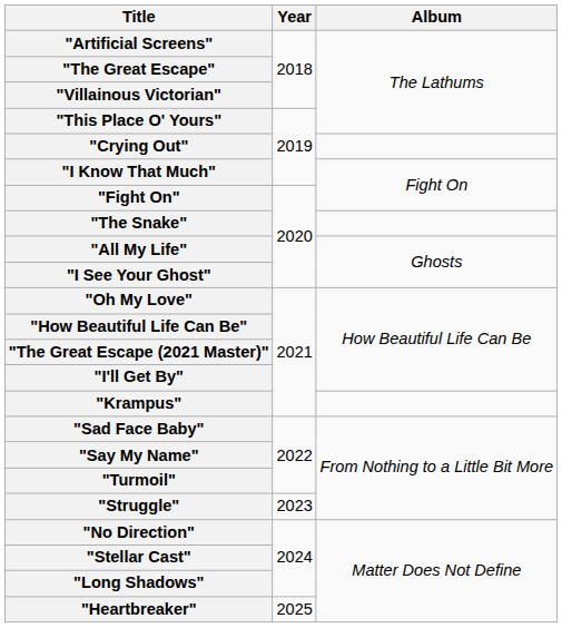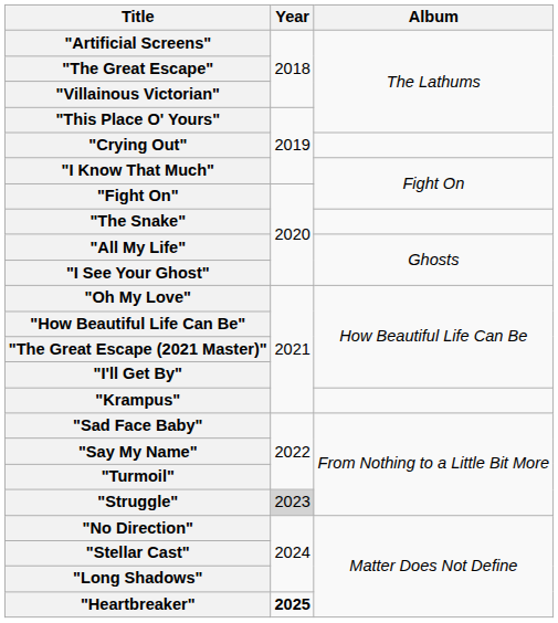 <table class="wikitable plainrowheaders" style="text-align:center;" border="1">
 <tr>
 <th scope="col">Title</th>
 <th scope="col">Year</th>
 <th scope="col">Album</th>
 </tr>
 <tr>
 <th scope="row">"Artificial Screens"</th>
 <td rowspan="3">2018</td>
 <td rowspan="4"><em>The Lathums</em></td>
 </tr>
 <tr>
 <th scope="row">"The Great Escape"</th>
 </tr>
 <tr>
 <th scope="row">"Villainous Victorian"</th>
 </tr>
 <tr>
 <th scope="row">"This Place O' Yours"</th>
 <td rowspan="3">2019</td>
 </tr>
 <tr>
 <th scope="row">"Crying Out"</th>
 <td></td>
 </tr>
 <tr>
 <th scope="row">"I Know That Much"</th>
 <td rowspan="2"><em>Fight On</em></td>
 </tr>
 <tr>
 <th scope="row">"Fight On"</th>
 <td rowspan="4">2020</td>
 </tr>
 <tr>
 <th scope="row">"The Snake"</th>
 <td></td>
 </tr>
 <tr>
 <th scope="row">"All My Life"</th>
 <td rowspan="2"><em>Ghosts</em></td>
 </tr>
 <tr>
 <th scope="row">"I See Your Ghost"</th>
 </tr>
 <tr>
 <th scope="row">"Oh My Love"</th>
 <td rowspan="5">2021</td>
 <td rowspan="4"><em>How Beautiful Life Can Be</em></td>
 </tr>
 <tr>
 <th scope="row">"How Beautiful Life Can Be"</th>
 </tr>
 <tr>
 <th scope="row">"The Great Escape (2021 Master)"</th>
 </tr>
 <tr>
 <th scope="row">"I'll Get By"</th>
 </tr>
 <tr>
 <th scope="row">"Krampus"</th>
 <td></td>
 </tr>
 <tr>
 <th scope="row">"Sad Face Baby"</th>
 <td rowspan="3">2022</td>
 <td rowspan="4"><em>From Nothing to a Little Bit More</em></td>
 </tr>
 <tr>
 <th scope="row">"Say My Name"</th>
 </tr>
 <tr>
 <th scope="row">"Turmoil"</th>
 </tr>
 <tr>
 <th scope="row">"Struggle"</th>
-<td rowspan="1">2023</td>
+<td rowspan="1" style="background: lightgrey;">2023</td>
 </tr>
 <tr>
 <th scope="row">"No Direction"</th>
 <td rowspan="3">2024</td>
 <td rowspan="4"><em>Matter Does Not Define</em></td>
 </tr>
 <tr>
 <th scope="row">"Stellar Cast"</th>
 </tr>
 <tr>
 <th scope="row">"Long Shadows"</th>
 </tr>
 <tr>
 <th scope="row">"Heartbreaker"</th>
-<td rowspan="1">2025</td>
+<td rowspan="1"><strong>2025</strong></td>
 </tr>
 </table>
